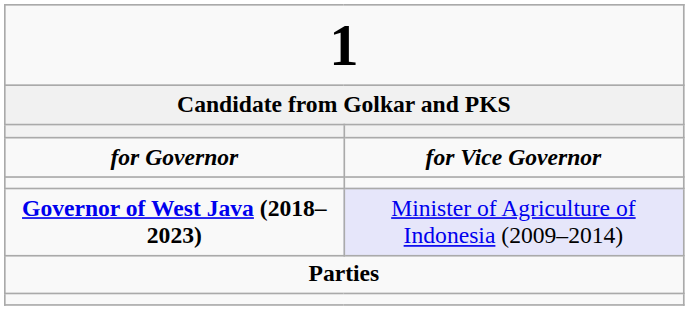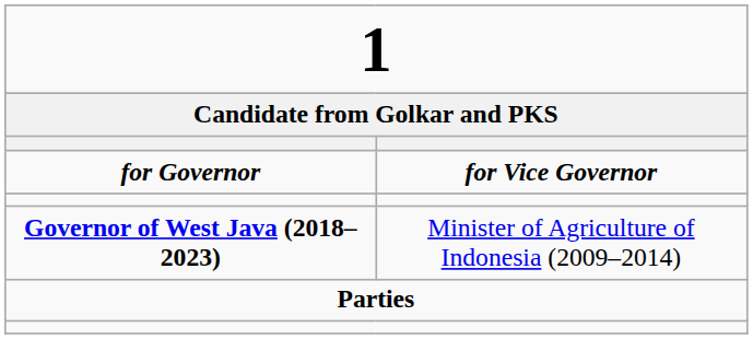 <table class="wikitable" style="font-size:90%; text-align:center;">
 <tr>
 <td colspan=2><big><big><big><big><big><strong>1</strong></big></big></big></big></big></td>
 </tr>
 <tr>
 <td colspan=2 style="background:#f1f1f1;"><strong>Candidate from Golkar and PKS</strong></td>
 </tr>
 <tr>
 <th style="font-size:135%; background:#"><a href='#'></a></th>
 <th style="font-size:135%; background:#"><a href='#'></a></th>
 </tr>
 <tr style="color:#000; font-size:100%; background:#">
 <td style="width:3em; width:200px;"><strong><em>for Governor</em></strong></td>
 <td style="width:3em; width:200px;"><strong><em>for Vice Governor</em></strong></td>
 </tr>
 <tr>
 <td></td>
 <td></td>
 </tr>
 <tr>
 <td><strong><a href='#'>Governor of West Java</a> (2018–2023)</strong></td>
-<td style="background: lavender;"><a href='#'>Minister of Agriculture of Indonesia</a> (2009–2014)</td>
+<td><a href='#'>Minister of Agriculture of Indonesia</a> (2009–2014)</td>
 </tr>
 <tr>
 <td colspan=2><strong>Parties</strong></td>
 </tr>
 <tr>
 <td colspan=2> </td>
 </tr>
 </table>
